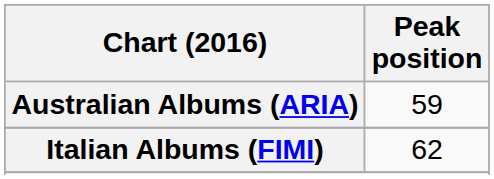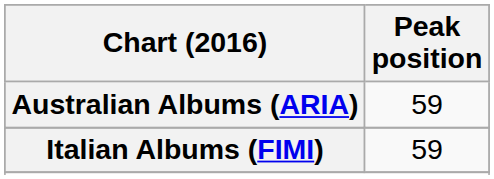 <table class="wikitable sortable plainrowheaders" style="text-align:center">
 <tr>
 <th scope="col">Chart (2016)</th>
 <th scope="col">Peak<br> position</th>
 </tr>
 <tr>
 <th scope="row">Australian Albums (<a href='#'>ARIA</a>)</th>
 <td>59</td>
 </tr>
 <tr>
 </tr>
 <tr>
 </tr>
 <tr>
 </tr>
 <tr>
 </tr>
 <tr>
 <th scope="row">Italian Albums (<a href='#'>FIMI</a>)</th>
-<td>62</td>
+<td>59</td>
 </tr>
 <tr>
 </tr>
 <tr>
 </tr>
 <tr>
 </tr>
 </table>
